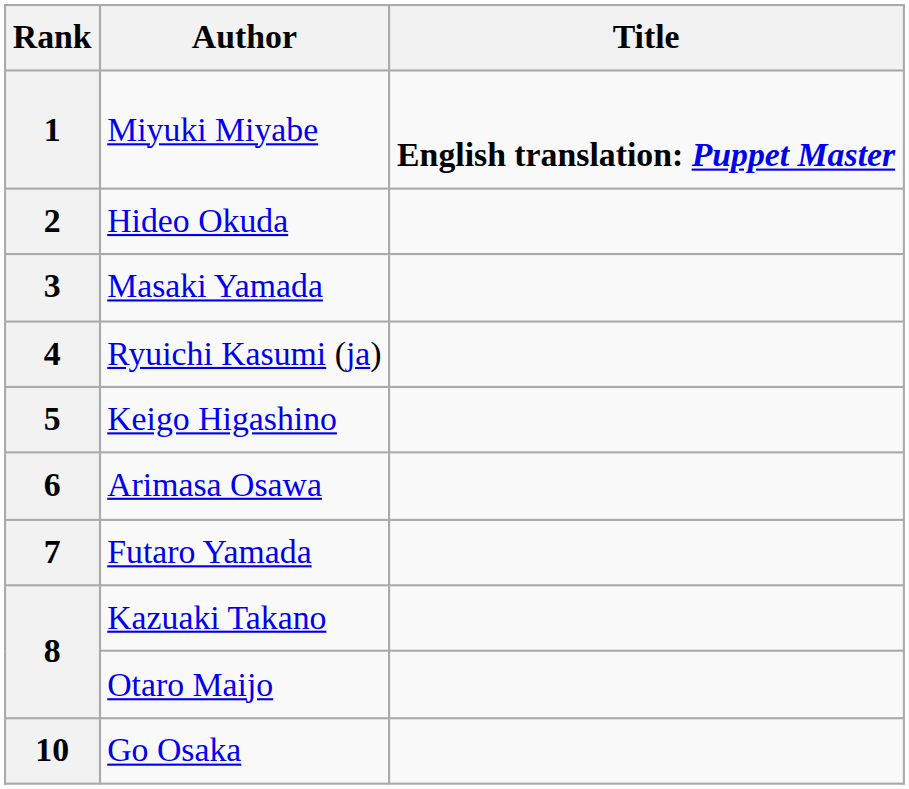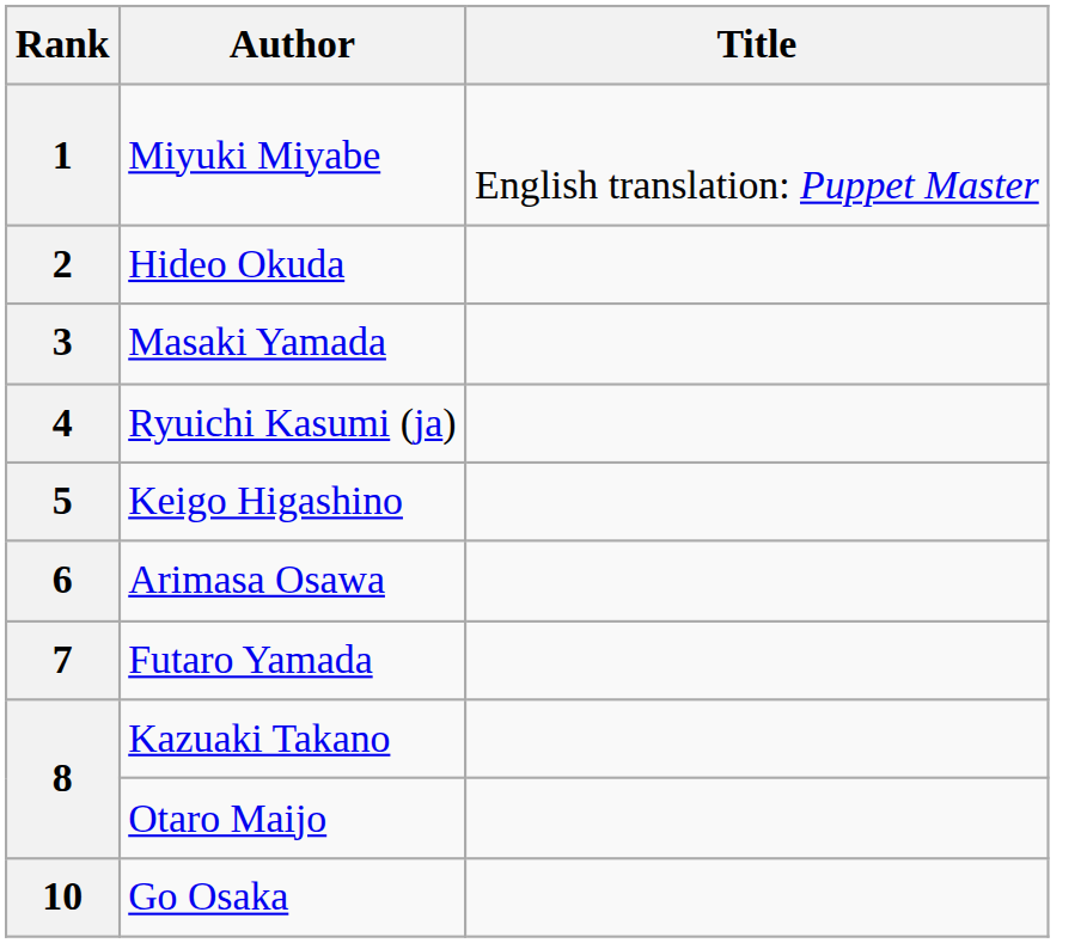 <table class="wikitable sortable" style="font-size:1.00em; line-height:1.5em;">
 <tr>
 <th>Rank</th>
 <th>Author</th>
 <th>Title</th>
 </tr>
 <tr>
 <th>1</th>
 <td><a href='#'>Miyuki Miyabe</a></td>
-<td><strong><br>English translation: <em><a href='#'>Puppet Master</a></em></strong></td>
+<td><br>English translation: <em><a href='#'>Puppet Master</a></em></td>
 </tr>
 <tr>
 <th>2</th>
 <td><a href='#'>Hideo Okuda</a></td>
 <td></td>
 </tr>
 <tr>
 <th>3</th>
 <td><a href='#'>Masaki Yamada</a></td>
 <td></td>
 </tr>
 <tr>
 <th>4</th>
 <td><a href='#'>Ryuichi Kasumi</a> (<a href='#'>ja</a>)</td>
 <td></td>
 </tr>
 <tr>
 <th>5</th>
 <td><a href='#'>Keigo Higashino</a></td>
 <td></td>
 </tr>
 <tr>
 <th>6</th>
 <td><a href='#'>Arimasa Osawa</a></td>
 <td></td>
 </tr>
 <tr>
 <th>7</th>
 <td><a href='#'>Futaro Yamada</a></td>
 <td></td>
 </tr>
 <tr>
 <th rowspan="2">8</th>
 <td><a href='#'>Kazuaki Takano</a></td>
 <td></td>
 </tr>
 <tr>
 <td><a href='#'>Otaro Maijo</a></td>
 <td></td>
 </tr>
 <tr>
 <th>10</th>
 <td><a href='#'>Go Osaka</a></td>
 <td></td>
 </tr>
 </table>
